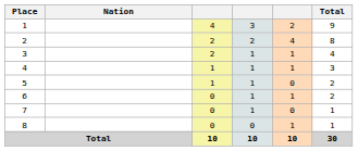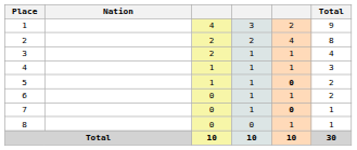 <table class=wikitable style="border:1px solid #AAAAAA;font-size:90%">
 <tr bgcolor="#EFEFEF">
 <th width=50>Place</th>
 <th width=200>Nation</th>
 <th width=50></th>
 <th width=50></th>
 <th width=50></th>
 <th width=50>Total</th>
 </tr>
 <tr align="center" valign="top" bgcolor="#FFFFFF">
 <td>1</td>
 <td align="left"></td>
 <td style="background:#F7F6A8;">4</td>
 <td style="background:#DCE5E5;">3</td>
 <td style="background:#FFDAB9;">2</td>
 <td>9</td>
 </tr>
 <tr align="center" valign="top" bgcolor="#FFFFFF">
 <td>2</td>
 <td align="left"></td>
 <td style="background:#F7F6A8;">2</td>
 <td style="background:#DCE5E5;">2</td>
 <td style="background:#FFDAB9;">4</td>
 <td>8</td>
 </tr>
 <tr align="center" valign="top" bgcolor="#FFFFFF">
 <td>3</td>
 <td align="left"></td>
 <td style="background:#F7F6A8;">2</td>
 <td style="background:#DCE5E5;">1</td>
 <td style="background:#FFDAB9;">1</td>
 <td>4</td>
 </tr>
 <tr align="center" valign="top" bgcolor="#FFFFFF">
 <td>4</td>
 <td align="left"></td>
 <td style="background:#F7F6A8;">1</td>
 <td style="background:#DCE5E5;">1</td>
 <td style="background:#FFDAB9;">1</td>
 <td>3</td>
 </tr>
 <tr align="center" valign="top" bgcolor="#FFFFFF">
 <td>5</td>
 <td align="left"></td>
 <td style="background:#F7F6A8;">1</td>
 <td style="background:#DCE5E5;">1</td>
-<td style="background:#FFDAB9;">0</td>
+<td style="background:#FFDAB9;"><strong>0</strong></td>
 <td>2</td>
 </tr>
 <tr align="center" valign="top" bgcolor="#FFFFFF">
 <td>6</td>
 <td align="left"></td>
 <td style="background:#F7F6A8;">0</td>
 <td style="background:#DCE5E5;">1</td>
 <td style="background:#FFDAB9;">1</td>
 <td>2</td>
 </tr>
 <tr align="center" valign="top" bgcolor="#FFFFFF">
 <td>7</td>
 <td align="left"></td>
 <td style="background:#F7F6A8;">0</td>
 <td style="background:#DCE5E5;">1</td>
-<td style="background:#FFDAB9;">0</td>
+<td style="background:#FFDAB9;"><strong>0</strong></td>
 <td>1</td>
 </tr>
 <tr align="center" valign="top" bgcolor="#FFFFFF">
 <td>8</td>
 <td align="left"></td>
 <td style="background:#F7F6A8;">0</td>
 <td style="background:#DCE5E5;">0</td>
 <td style="background:#FFDAB9;">1</td>
 <td>1</td>
 </tr>
 <tr align="center">
 <td colspan="2" bgcolor=D3D3D3><strong>Total</strong></td>
 <td style="background:#F7F6A8;"><strong>10</strong></td>
 <td style="background:#DCE5E5;"><strong>10</strong></td>
 <td style="background:#FFDAB9;"><strong>10</strong></td>
 <td bgcolor=D3D3D3><strong>30</strong></td>
 </tr>
 </table>
